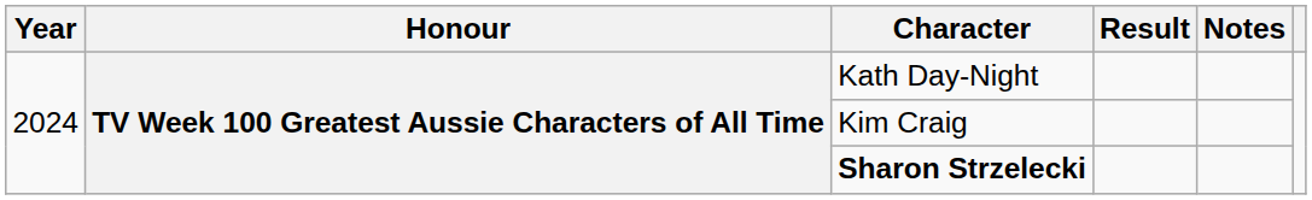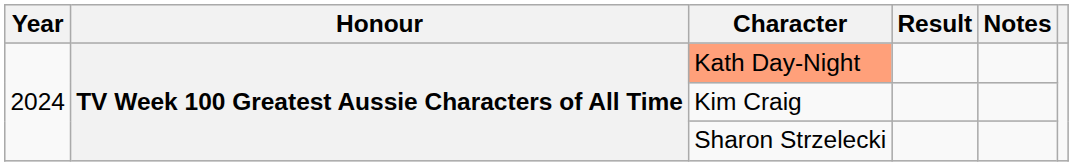 <table class="wikitable">
 <tr>
 <th>Year</th>
 <th>Honour</th>
 <th>Character</th>
 <th>Result</th>
 <th>Notes</th>
 <th></th>
 </tr>
 <tr>
 <td rowspan="3">2024</td>
 <th rowspan="3">TV Week 100 Greatest Aussie Characters of All Time</th>
-<td>Kath Day-Night</td>
+<td style="background: lightsalmon;">Kath Day-Night</td>
 <td></td>
 <td align="center"></td>
 <td rowspan="3" align="center"></td>
 </tr>
 <tr>
 <td>Kim Craig</td>
 <td></td>
 <td align="center"></td>
 </tr>
 <tr>
-<td><strong>Sharon Strzelecki</strong></td>
+<td>Sharon Strzelecki</td>
 <td></td>
 <td align="center"></td>
 </tr>
 </table>
